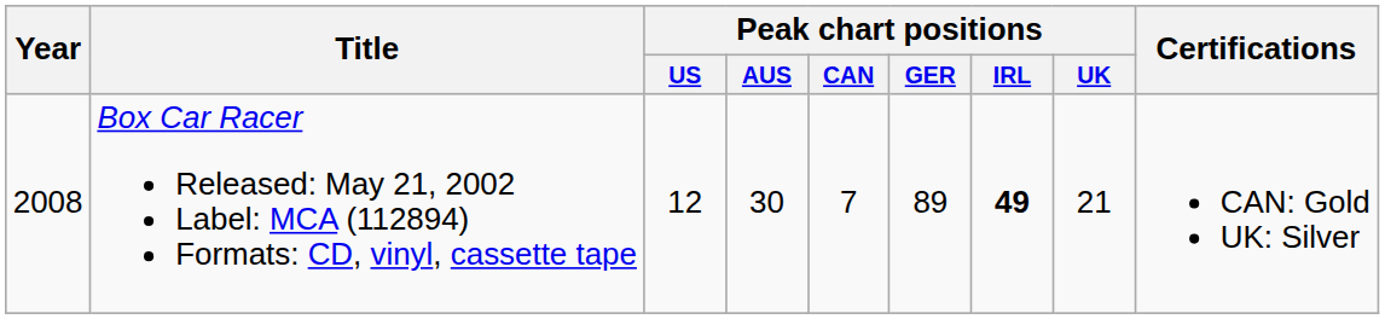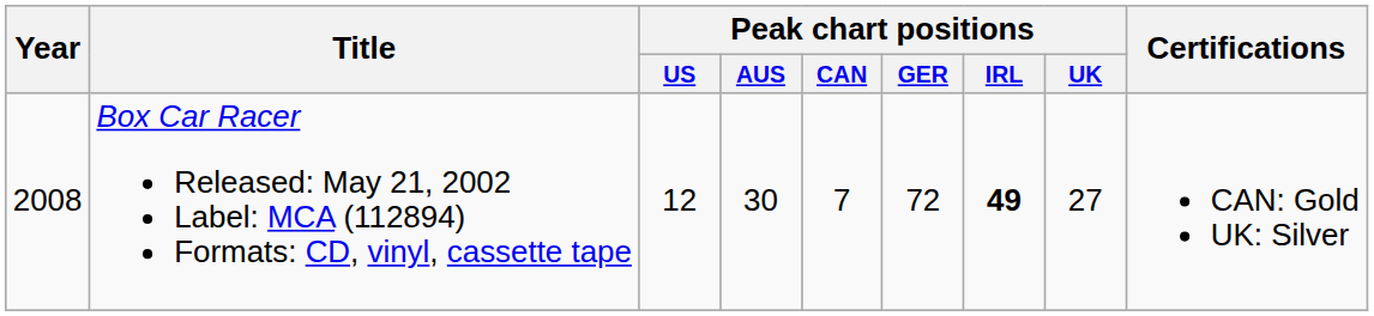 <table class="wikitable">
 <tr>
 <th rowspan="2">Year</th>
 <th rowspan="2">Title</th>
 <th colspan="6">Peak chart positions</th>
 <th rowspan="2">Certifications</th>
 </tr>
 <tr>
 <th style="width:3em;font-size:75%"><a href='#'>US</a><br></th>
 <th style="width:3em;font-size:75%"><a href='#'>AUS</a><br></th>
 <th style="width:3em;font-size:75%"><a href='#'>CAN</a><br></th>
 <th style="width:3em;font-size:75%"><a href='#'>GER</a><br></th>
 <th style="width:3em;font-size:75%"><a href='#'>IRL</a><br></th>
 <th style="width:3em;font-size:75%"><a href='#'>UK</a><br></th>
 </tr>
 <tr>
 <td>2008</td>
 <td><em><a href='#'>Box Car Racer</a></em><br><ul><li>Released: May 21, 2002</li><li>Label: <a href='#'>MCA</a> (112894)</li><li>Formats: <a href='#'>CD</a>, <a href='#'>vinyl</a>, <a href='#'>cassette tape</a></li></ul></td>
 <td style="text-align:center;">12</td>
 <td style="text-align:center;">30</td>
 <td style="text-align:center;">7</td>
-<td style="text-align:center;">89</td>
+<td style="text-align:center;">72</td>
 <td style="text-align:center;"><strong>49</strong></td>
-<td style="text-align:center;">21</td>
+<td style="text-align:center;">27</td>
 <td><br><ul><li>CAN: Gold</li><li>UK: Silver</li></ul></td>
 </tr>
 </table>
